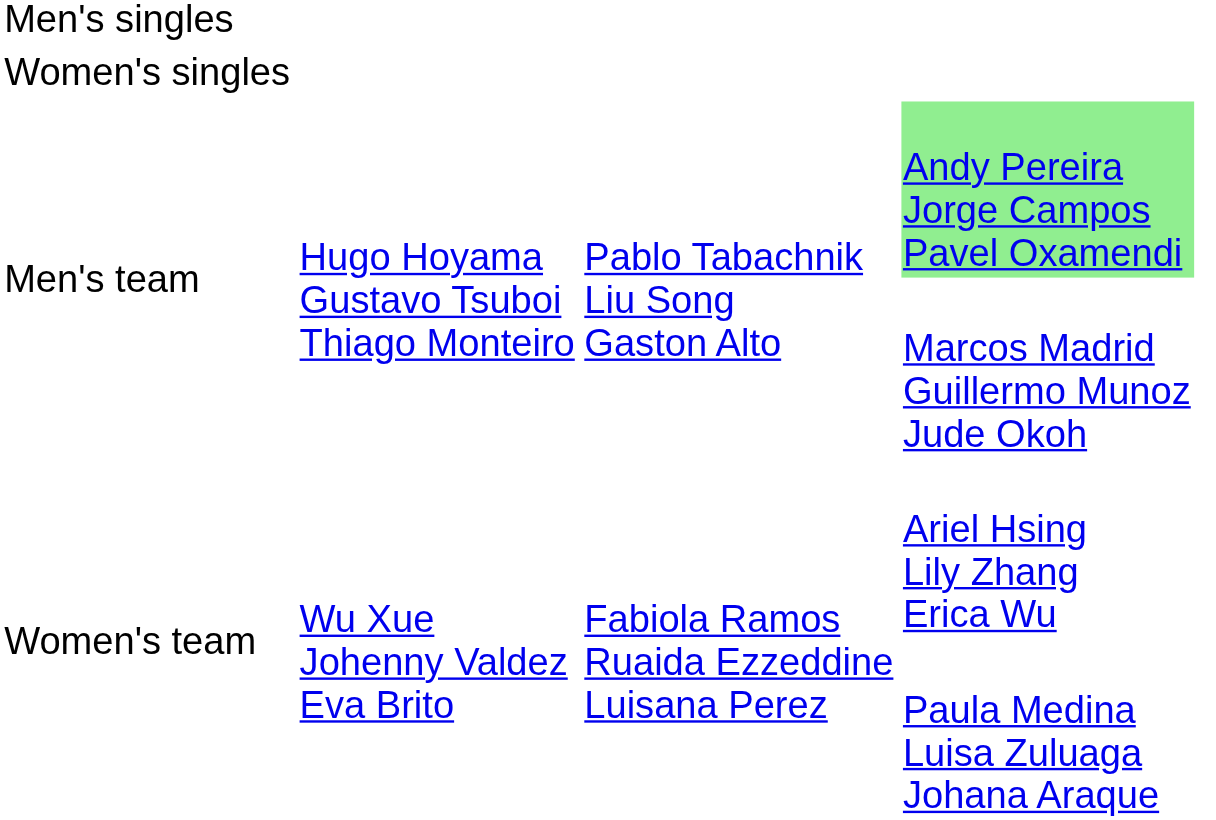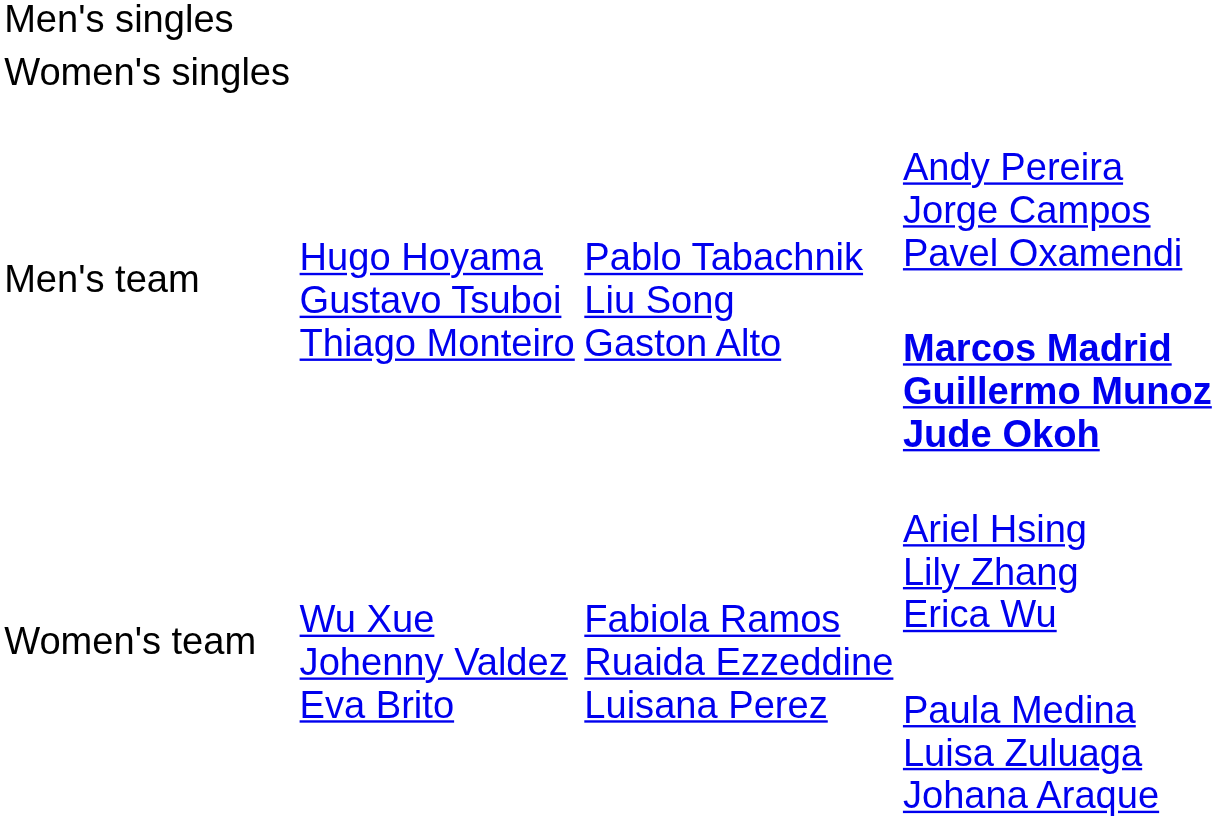 <table>
 <tr>
 <td rowspan=2>Men's singles <br></td>
 <td rowspan=2></td>
 <td rowspan=2></td>
 <td></td>
 </tr>
 <tr>
 <td></td>
 </tr>
 <tr>
 <td rowspan=2>Women's singles <br></td>
 <td rowspan=2></td>
 <td rowspan=2></td>
 <td></td>
 </tr>
 <tr>
 <td></td>
 </tr>
 <tr>
 <td rowspan=2>Men's team <br></td>
 <td rowspan=2><br><a href='#'>Hugo Hoyama</a><br><a href='#'>Gustavo Tsuboi</a><br><a href='#'>Thiago Monteiro</a></td>
 <td rowspan=2><br><a href='#'>Pablo Tabachnik</a><br><a href='#'>Liu Song</a><br><a href='#'>Gaston Alto</a></td>
-<td style="background: lightgreen;"><br><a href='#'>Andy Pereira</a><br><a href='#'>Jorge Campos</a><br><a href='#'>Pavel Oxamendi</a></td>
+<td><br><a href='#'>Andy Pereira</a><br><a href='#'>Jorge Campos</a><br><a href='#'>Pavel Oxamendi</a></td>
 </tr>
 <tr>
-<td><br><a href='#'>Marcos Madrid</a><br><a href='#'>Guillermo Munoz</a><br><a href='#'>Jude Okoh</a></td>
+<td><strong><br><a href='#'>Marcos Madrid</a><br><a href='#'>Guillermo Munoz</a><br><a href='#'>Jude Okoh</a></strong></td>
 </tr>
 <tr>
 <td rowspan=2>Women's team <br></td>
 <td rowspan=2><br><a href='#'>Wu Xue</a><br><a href='#'>Johenny Valdez</a><br><a href='#'>Eva Brito</a></td>
 <td rowspan=2><br><a href='#'>Fabiola Ramos</a><br><a href='#'>Ruaida Ezzeddine</a><br><a href='#'>Luisana Perez</a></td>
 <td><br><a href='#'>Ariel Hsing</a> <br> <a href='#'>Lily Zhang</a> <br> <a href='#'>Erica Wu</a></td>
 </tr>
 <tr>
 <td><br><a href='#'>Paula Medina</a> <br> <a href='#'>Luisa Zuluaga</a> <br> <a href='#'>Johana Araque</a></td>
 </tr>
 </table>
